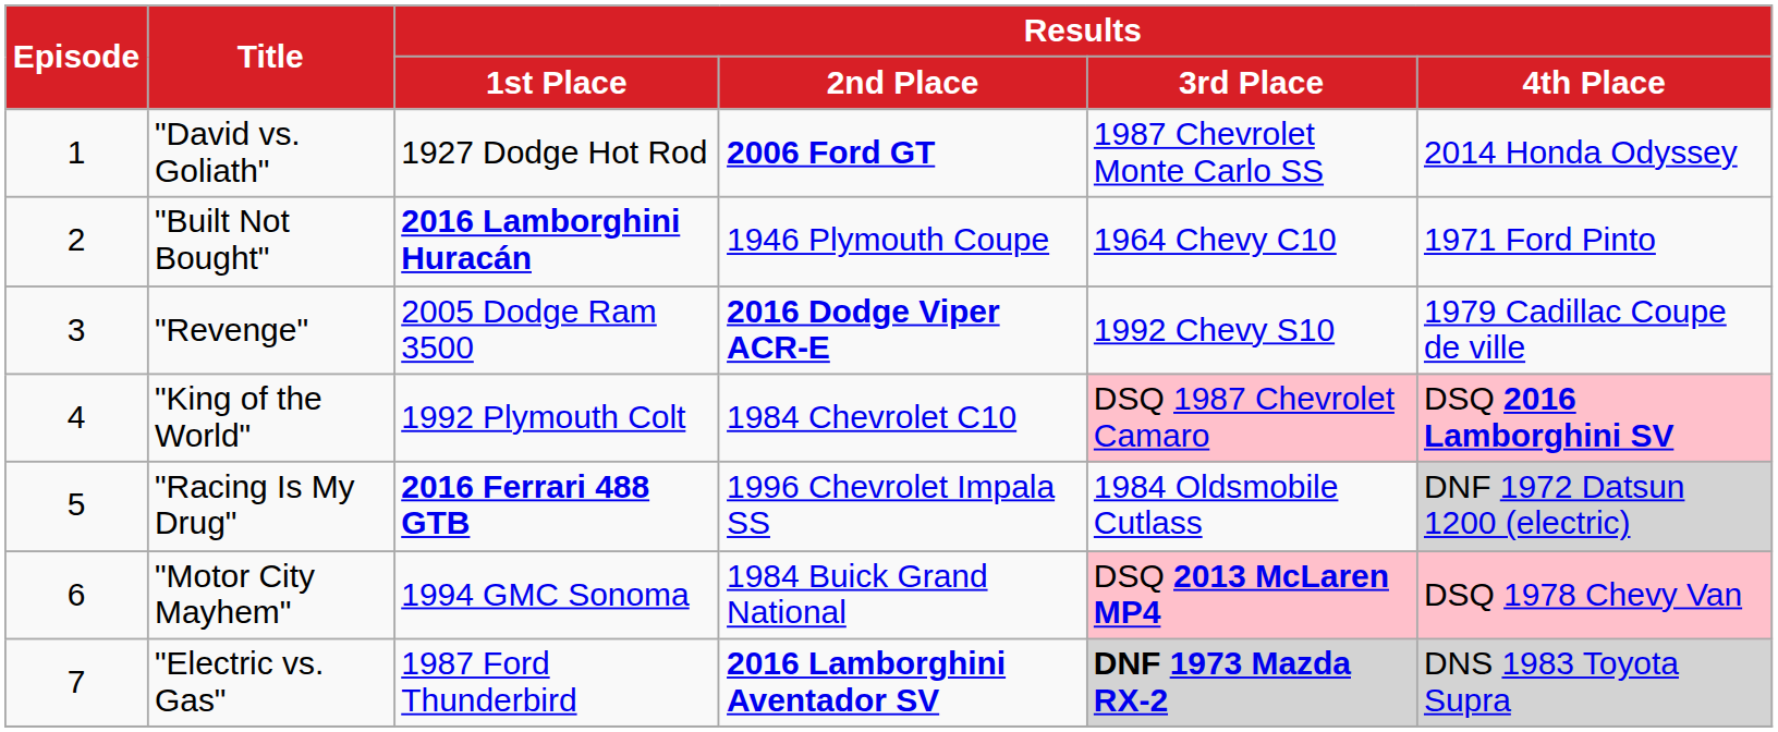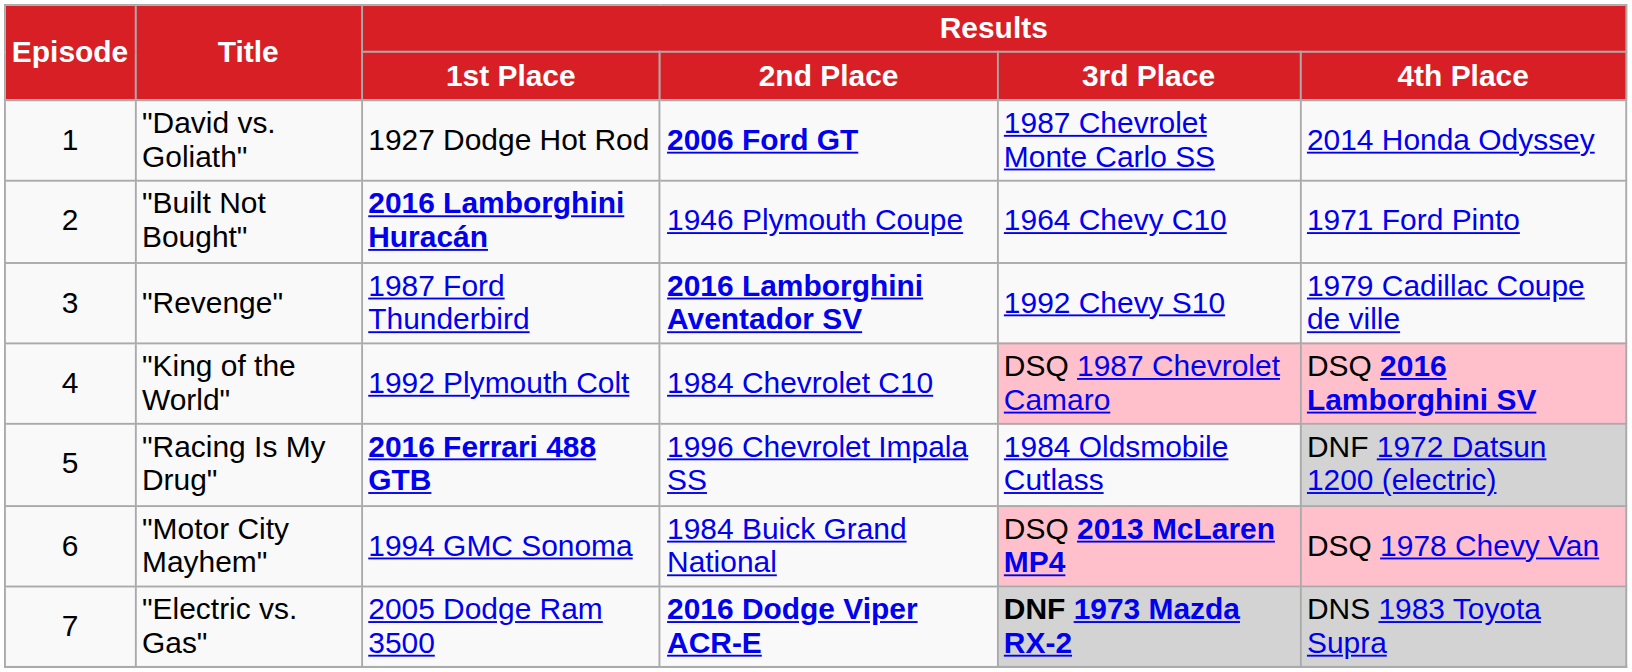 <table class="wikitable">
 <tr>
 <th rowspan="2" ! style="background:#D81F26; color:#FFFFFF">Episode</th>
 <th rowspan="2" ! style="background:#D81F26; color:#FFFFFF">Title</th>
 <th colspan="4" ! style="background:#D81F26; color:#FFFFFF">Results</th>
 </tr>
 <tr>
 <th style="background:#D81F26; color:#FFFFFF">1st Place</th>
 <th style="background:#D81F26; color:#FFFFFF">2nd Place</th>
 <th style="background:#D81F26; color:#FFFFFF">3rd Place</th>
 <th style="background:#D81F26; color:#FFFFFF">4th Place</th>
 </tr>
 <tr>
 <td style="text-align:center">1</td>
 <td>"David vs. Goliath"</td>
 <td>1927 Dodge Hot Rod</td>
 <td><strong><a href='#'>2006 Ford GT</a></strong></td>
 <td><a href='#'>1987 Chevrolet Monte Carlo SS</a></td>
 <td><a href='#'>2014 Honda Odyssey</a></td>
 </tr>
 <tr>
 <td style="text-align:center">2</td>
 <td>"Built Not Bought"</td>
 <td><strong><a href='#'>2016 Lamborghini Huracán</a></strong></td>
 <td><a href='#'>1946 Plymouth Coupe</a></td>
 <td><a href='#'>1964 Chevy C10</a></td>
 <td><a href='#'>1971 Ford Pinto</a></td>
 </tr>
 <tr>
 <td style="text-align:center">3</td>
 <td>"Revenge"</td>
-<td><a href='#'>2005 Dodge Ram 3500</a></td>
-<td><strong><a href='#'>2016 Dodge Viper ACR-E</a></strong></td>
+<td><a href='#'>1987 Ford Thunderbird</a></td>
+<td><strong><a href='#'>2016 Lamborghini Aventador SV</a></strong></td>
 <td><a href='#'>1992 Chevy S10</a></td>
 <td><a href='#'>1979 Cadillac Coupe de ville</a></td>
 </tr>
 <tr>
 <td style="text-align:center">4</td>
 <td>"King of the World"</td>
 <td><a href='#'>1992 Plymouth Colt</a></td>
 <td><a href='#'>1984 Chevrolet C10</a></td>
 <td bgcolor=pink>DSQ <a href='#'>1987 Chevrolet Camaro</a></td>
 <td bgcolor=pink>DSQ <strong><a href='#'>2016 Lamborghini SV</a></strong></td>
 </tr>
 <tr>
 <td style="text-align:center">5</td>
 <td>"Racing Is My Drug"</td>
 <td><strong><a href='#'>2016 Ferrari 488 GTB</a></strong></td>
 <td><a href='#'>1996 Chevrolet Impala SS</a></td>
 <td><a href='#'>1984 Oldsmobile Cutlass</a></td>
 <td bgcolor=lightgray>DNF <a href='#'>1972 Datsun 1200 (electric)</a></td>
 </tr>
 <tr>
 <td style="text-align:center">6</td>
 <td>"Motor City Mayhem"</td>
 <td><a href='#'>1994 GMC Sonoma</a></td>
 <td><a href='#'>1984 Buick Grand National</a></td>
 <td bgcolor=pink>DSQ <strong><a href='#'>2013 McLaren MP4</a></strong></td>
 <td bgcolor=pink>DSQ <a href='#'>1978 Chevy Van</a></td>
 </tr>
 <tr>
 <td style="text-align:center">7</td>
 <td>"Electric vs. Gas"</td>
-<td><a href='#'>1987 Ford Thunderbird</a></td>
-<td><strong><a href='#'>2016 Lamborghini Aventador SV</a></strong></td>
+<td><a href='#'>2005 Dodge Ram 3500</a></td>
+<td><strong><a href='#'>2016 Dodge Viper ACR-E</a></strong></td>
 <td bgcolor=lightgray><strong>DNF <a href='#'>1973 Mazda RX-2</a></strong></td>
 <td bgcolor=lightgray>DNS <a href='#'>1983 Toyota Supra</a></td>
 </tr>
 <tr>
 </tr>
 </table>
